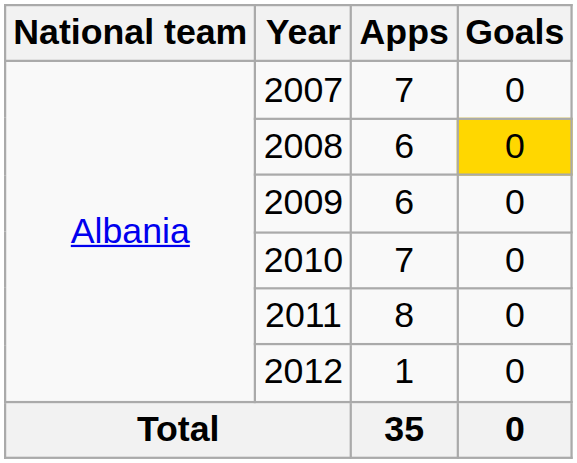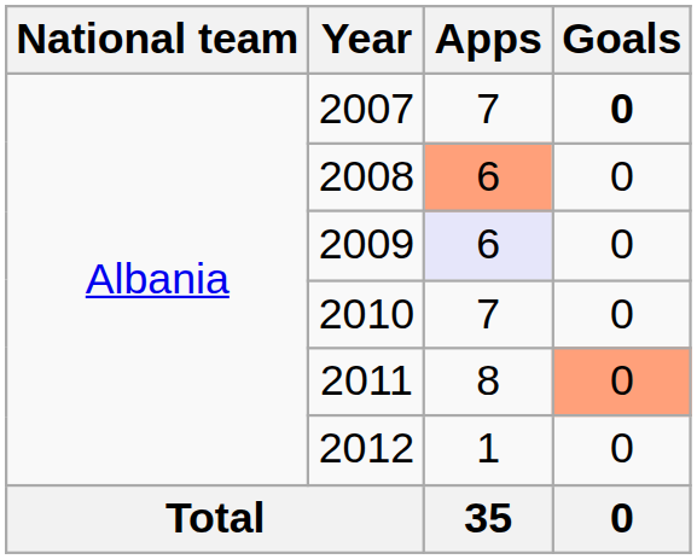 <table class="wikitable" style="text-align:center">
 <tr>
 <th>National team</th>
 <th>Year</th>
 <th>Apps</th>
 <th>Goals</th>
 </tr>
 <tr>
 <td rowspan="6"><a href='#'>Albania</a></td>
 <td>2007</td>
 <td>7</td>
+<td><strong>0</strong></td>
+</tr>
+<tr>
+<td>2008</td>
+<td style="background: lightsalmon;">6</td>
 <td>0</td>
 </tr>
 <tr>
-<td>2008</td>
-<td>6</td>
-<td style="background: gold;">0</td>
-</tr>
-<tr>
 <td>2009</td>
-<td>6</td>
+<td style="background: lavender;">6</td>
 <td>0</td>
 </tr>
 <tr>
 <td>2010</td>
 <td>7</td>
 <td>0</td>
 </tr>
 <tr>
 <td>2011</td>
 <td>8</td>
-<td>0</td>
+<td style="background: lightsalmon;">0</td>
 </tr>
 <tr>
 <td>2012</td>
 <td>1</td>
 <td>0</td>
 </tr>
 <tr>
 <th colspan="2">Total</th>
 <th>35</th>
 <th>0</th>
 </tr>
 </table>
